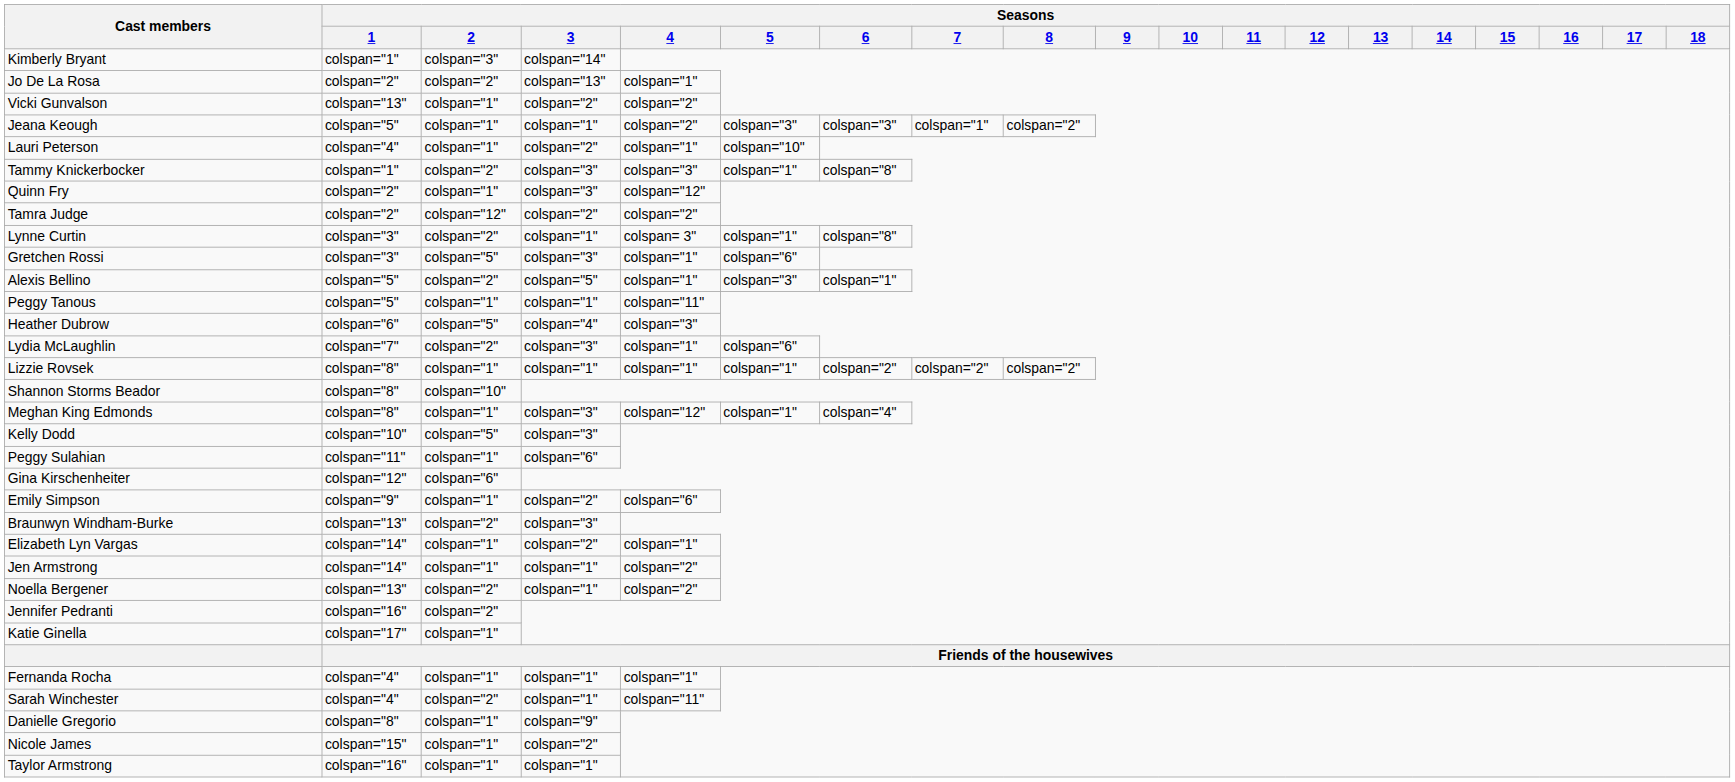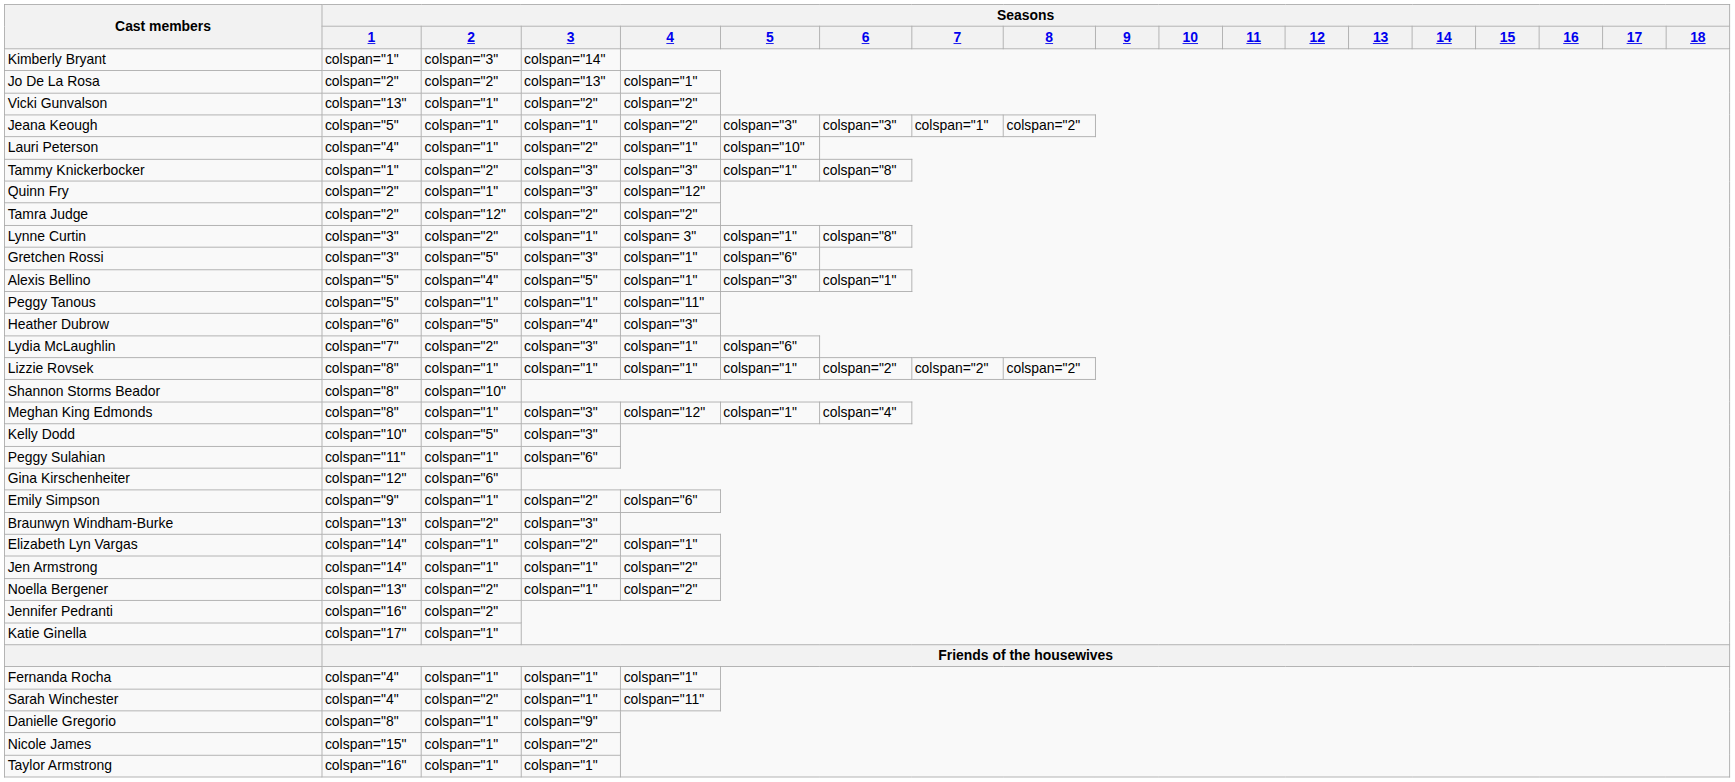 <table class="wikitable plainrowheaders" style="width:100%;">
 <tr>
 <th rowspan="2" style="width:3%">Cast members</th>
 <th colspan="18">Seasons</th>
 </tr>
 <tr>
 <th style="width:3%;"><a href='#'>1</a></th>
 <th style="width:3%;"><a href='#'>2</a></th>
 <th style="width:3%;"><a href='#'>3</a></th>
 <th style="width:3%;"><a href='#'>4</a></th>
 <th style="width:3%;"><a href='#'>5</a></th>
 <th style="width:3%;"><a href='#'>6</a></th>
 <th style="width:3%;"><a href='#'>7</a></th>
 <th style="width:3%;"><a href='#'>8</a></th>
 <th style="width:3%;"><a href='#'>9</a></th>
 <th style="width:3%;"><a href='#'>10</a></th>
 <th style="width:3%;"><a href='#'>11</a></th>
 <th style="width:3%;"><a href='#'>12</a></th>
 <th style="width:3%;"><a href='#'>13</a></th>
 <th style="width:3%;"><a href='#'>14</a></th>
 <th style="width:3%;"><a href='#'>15</a></th>
 <th style="width:3%;"><a href='#'>16</a></th>
 <th style="width:3%;"><a href='#'>17</a></th>
 <th style="width:3%;"><a href='#'>18</a></th>
 </tr>
 <tr>
 <td nowrap="">Kimberly Bryant</td>
 <td>colspan="1" </td>
 <td>colspan="3" </td>
 <td>colspan="14" </td>
 </tr>
 <tr>
 <td nowrap="">Jo De La Rosa</td>
 <td>colspan="2" </td>
 <td>colspan="2" </td>
 <td>colspan="13" </td>
 <td>colspan="1" </td>
 </tr>
 <tr>
 <td nowrap="">Vicki Gunvalson</td>
 <td>colspan="13"</td>
 <td>colspan="1" </td>
 <td>colspan="2" </td>
 <td>colspan="2" </td>
 </tr>
 <tr>
 <td nowrap="">Jeana Keough</td>
 <td>colspan="5" </td>
 <td>colspan="1" </td>
 <td>colspan="1" </td>
 <td>colspan="2" </td>
 <td>colspan="3" </td>
 <td>colspan="3" </td>
 <td>colspan="1" </td>
 <td>colspan="2" </td>
 </tr>
 <tr>
 <td>Lauri Peterson</td>
 <td>colspan="4" </td>
 <td>colspan="1" </td>
 <td>colspan="2" </td>
 <td>colspan="1" </td>
 <td>colspan="10" </td>
 </tr>
 <tr>
 <td Nowrap>Tammy Knickerbocker</td>
 <td>colspan="1" </td>
 <td>colspan="2" </td>
 <td>colspan="3" </td>
 <td>colspan="3" </td>
 <td>colspan="1" </td>
 <td>colspan="8" </td>
 </tr>
 <tr>
 <td>Quinn Fry</td>
 <td>colspan="2" </td>
 <td>colspan="1" </td>
 <td>colspan="3" </td>
 <td>colspan="12" </td>
 </tr>
 <tr>
 <td>Tamra Judge</td>
 <td>colspan="2" </td>
 <td>colspan="12" </td>
 <td>colspan="2" </td>
 <td>colspan="2" </td>
 </tr>
 <tr>
 <td>Lynne Curtin</td>
 <td>colspan="3" </td>
 <td>colspan="2" </td>
 <td>colspan="1" </td>
 <td>colspan= 3" </td>
 <td>colspan="1" </td>
 <td>colspan="8" </td>
 </tr>
 <tr>
 <td nowrap>Gretchen Rossi</td>
 <td>colspan="3" </td>
 <td>colspan="5" </td>
 <td>colspan="3" </td>
 <td>colspan="1" </td>
 <td>colspan="6" </td>
 </tr>
 <tr>
 <td>Alexis Bellino</td>
 <td>colspan="5" </td>
-<td>colspan="2" </td>
+<td>colspan="4" </td>
 <td>colspan="5" </td>
 <td>colspan="1" </td>
 <td>colspan="3" </td>
 <td>colspan="1" </td>
 </tr>
 <tr>
 <td>Peggy Tanous</td>
 <td>colspan="5" </td>
 <td>colspan="1" </td>
 <td>colspan="1" </td>
 <td>colspan="11" </td>
 </tr>
 <tr>
 <td>Heather Dubrow</td>
 <td>colspan="6" </td>
 <td>colspan="5" </td>
 <td>colspan="4" </td>
 <td>colspan="3" </td>
 </tr>
 <tr>
 <td>Lydia McLaughlin</td>
 <td>colspan="7" </td>
 <td>colspan="2" </td>
 <td>colspan="3" </td>
 <td>colspan="1" </td>
 <td>colspan="6" </td>
 </tr>
 <tr>
 <td>Lizzie Rovsek</td>
 <td>colspan="8" </td>
 <td>colspan="1" </td>
 <td>colspan="1" </td>
 <td>colspan="1" </td>
 <td>colspan="1" </td>
 <td>colspan="2" </td>
 <td>colspan="2" </td>
 <td>colspan="2" </td>
 </tr>
 <tr>
 <td nowrap="">Shannon Storms Beador</td>
 <td>colspan="8" </td>
 <td>colspan="10" </td>
 </tr>
 <tr>
 <td nowrap>Meghan King Edmonds</td>
 <td>colspan="8" </td>
 <td>colspan="1" </td>
 <td>colspan="3" </td>
 <td>colspan="12" </td>
 <td>colspan="1" </td>
 <td>colspan="4" </td>
 </tr>
 <tr>
 <td>Kelly Dodd</td>
 <td>colspan="10" </td>
 <td>colspan="5" </td>
 <td>colspan="3" </td>
 </tr>
 <tr>
 <td>Peggy Sulahian</td>
 <td>colspan="11" </td>
 <td>colspan="1" </td>
 <td>colspan="6" </td>
 </tr>
 <tr>
 <td>Gina Kirschenheiter</td>
 <td>colspan="12" </td>
 <td>colspan="6" </td>
 </tr>
 <tr>
 <td>Emily Simpson</td>
 <td>colspan="9" </td>
 <td>colspan="1" </td>
 <td>colspan="2" </td>
 <td>colspan="6" </td>
 </tr>
 <tr>
 <td Nowrap>Braunwyn Windham-Burke</td>
 <td>colspan="13" </td>
 <td>colspan="2" </td>
 <td>colspan="3" </td>
 </tr>
 <tr>
 <td>Elizabeth Lyn Vargas</td>
 <td>colspan="14"</td>
 <td>colspan="1" </td>
 <td>colspan="2" </td>
 <td>colspan="1" </td>
 </tr>
 <tr>
 <td>Jen Armstrong</td>
 <td>colspan="14" </td>
 <td>colspan="1" </td>
 <td>colspan="1" </td>
 <td>colspan="2" </td>
 </tr>
 <tr>
 <td>Noella Bergener</td>
 <td>colspan="13" </td>
 <td>colspan="2" </td>
 <td>colspan="1" </td>
 <td>colspan="2" </td>
 </tr>
 <tr>
 <td>Jennifer Pedranti</td>
 <td>colspan="16" </td>
 <td>colspan="2" </td>
 </tr>
 <tr>
 <td>Katie Ginella</td>
 <td>colspan="17" </td>
 <td>colspan="1" </td>
 </tr>
 <tr>
 <th rowspan="1" style="width:15%;"></th>
 <th colspan="18">Friends of the housewives</th>
 </tr>
 <tr>
 <td>Fernanda Rocha</td>
 <td>colspan="4" </td>
 <td>colspan="1" </td>
 <td>colspan="1" </td>
 <td>colspan="1" </td>
 </tr>
 <tr>
 <td>Sarah Winchester</td>
 <td>colspan="4" </td>
 <td>colspan="2" </td>
 <td>colspan="1" </td>
 <td>colspan="11" </td>
 </tr>
 <tr>
 <td>Danielle Gregorio</td>
 <td>colspan="8" </td>
 <td>colspan="1" </td>
 <td>colspan="9" </td>
 </tr>
 <tr>
 <td>Nicole James</td>
 <td>colspan="15" </td>
 <td>colspan="1" </td>
 <td>colspan="2" </td>
 </tr>
 <tr>
 <td>Taylor Armstrong</td>
 <td>colspan="16" </td>
 <td>colspan="1" </td>
 <td>colspan="1" </td>
 </tr>
 </table>
